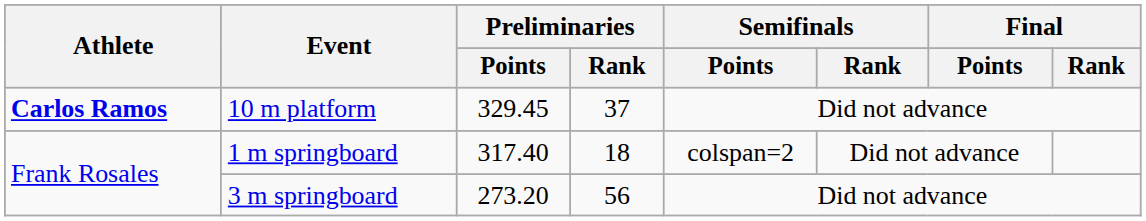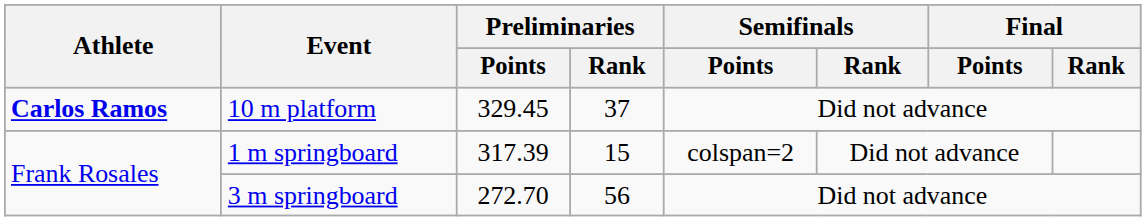 <table class="wikitable" style="text-align:center; font-size:90%; width:50%;">
 <tr>
 <th rowspan=2>Athlete</th>
 <th rowspan=2>Event</th>
 <th colspan=2>Preliminaries</th>
 <th colspan=2>Semifinals</th>
 <th colspan=2>Final</th>
 </tr>
 <tr style="font-size:95%">
 <th>Points</th>
 <th>Rank</th>
 <th>Points</th>
 <th>Rank</th>
 <th>Points</th>
 <th>Rank</th>
 </tr>
 <tr>
 <td align=left><strong><a href='#'>Carlos Ramos</a></strong></td>
 <td align=left><a href='#'>10 m platform</a></td>
 <td>329.45</td>
 <td>37</td>
 <td colspan=4>Did not advance</td>
 </tr>
 <tr>
 <td align=left rowspan=2><a href='#'>Frank Rosales</a></td>
 <td align=left><a href='#'>1 m springboard</a></td>
-<td>317.40</td>
-<td>18</td>
+<td>317.39</td>
+<td>15</td>
 <td>colspan=2 </td>
 <td colspan=2>Did not advance</td>
 </tr>
 <tr>
 <td align=left><a href='#'>3 m springboard</a></td>
-<td>273.20</td>
+<td>272.70</td>
 <td>56</td>
 <td colspan=4>Did not advance</td>
 </tr>
 </table>
